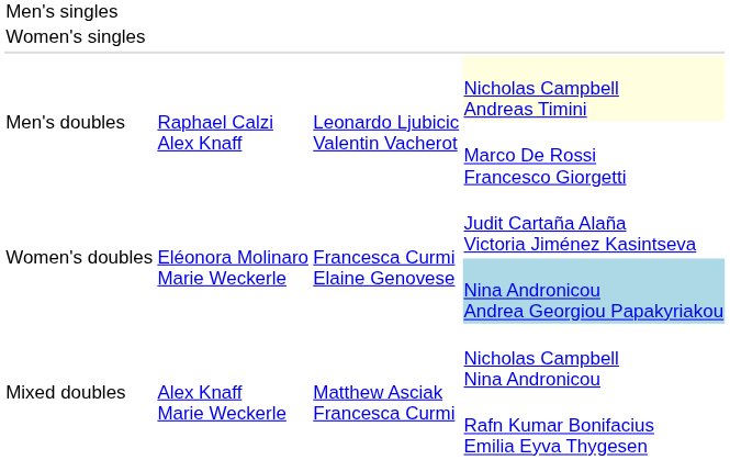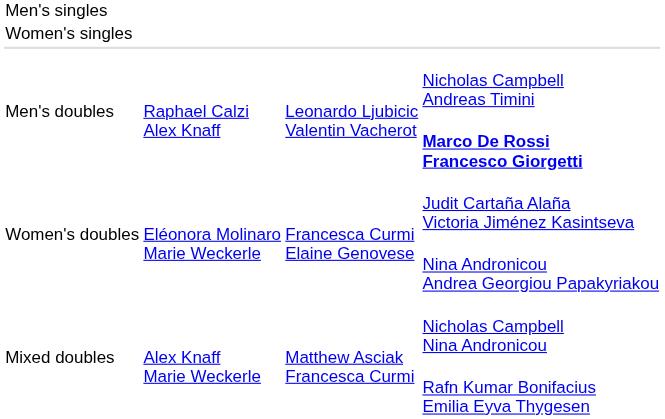 <table>
 <tr>
 <td rowspan=2>Men's singles</td>
 <td rowspan=2></td>
 <td rowspan=2></td>
 <td></td>
 </tr>
 <tr>
 <td></td>
 </tr>
 <tr>
 <td rowspan=2>Women's singles</td>
 <td rowspan=2></td>
 <td rowspan=2></td>
 <td></td>
 </tr>
 <tr>
 <td></td>
 </tr>
 <tr bgcolor=#dddddd>
 <td colspan=4></td>
 </tr>
 <tr>
 <td rowspan=2>Men's doubles</td>
 <td rowspan=2><br><a href='#'>Raphael Calzi</a><br><a href='#'>Alex Knaff</a></td>
 <td rowspan=2><br><a href='#'>Leonardo Ljubicic</a><br><a href='#'>Valentin Vacherot</a></td>
-<td style="background: lightyellow;"><br><a href='#'>Nicholas Campbell</a><br><a href='#'>Andreas Timini</a></td>
+<td><br><a href='#'>Nicholas Campbell</a><br><a href='#'>Andreas Timini</a></td>
 </tr>
 <tr>
-<td><br><a href='#'>Marco De Rossi</a><br><a href='#'>Francesco Giorgetti</a></td>
+<td><strong><br><a href='#'>Marco De Rossi</a><br><a href='#'>Francesco Giorgetti</a></strong></td>
 </tr>
 <tr>
 <td rowspan=2>Women's doubles</td>
 <td rowspan=2><br><a href='#'>Eléonora Molinaro</a><br><a href='#'>Marie Weckerle</a></td>
 <td rowspan=2><br><a href='#'>Francesca Curmi</a><br><a href='#'>Elaine Genovese</a></td>
 <td><br><a href='#'>Judit Cartaña Alaña</a> <br> <a href='#'>Victoria Jiménez Kasintseva</a></td>
 </tr>
 <tr>
-<td style="background: lightblue;"><br><a href='#'>Nina Andronicou</a><br><a href='#'>Andrea Georgiou Papakyriakou</a></td>
+<td><br><a href='#'>Nina Andronicou</a><br><a href='#'>Andrea Georgiou Papakyriakou</a></td>
 </tr>
 <tr>
 <td rowspan=2>Mixed doubles</td>
 <td rowspan=2><br><a href='#'>Alex Knaff</a><br><a href='#'>Marie Weckerle</a></td>
 <td rowspan=2><br><a href='#'>Matthew Asciak</a><br><a href='#'>Francesca Curmi</a></td>
 <td><br><a href='#'>Nicholas Campbell</a> <br> <a href='#'>Nina Andronicou</a></td>
 </tr>
 <tr>
 <td><br><a href='#'>Rafn Kumar Bonifacius</a><br><a href='#'>Emilia Eyva Thygesen</a></td>
 </tr>
 </table>
